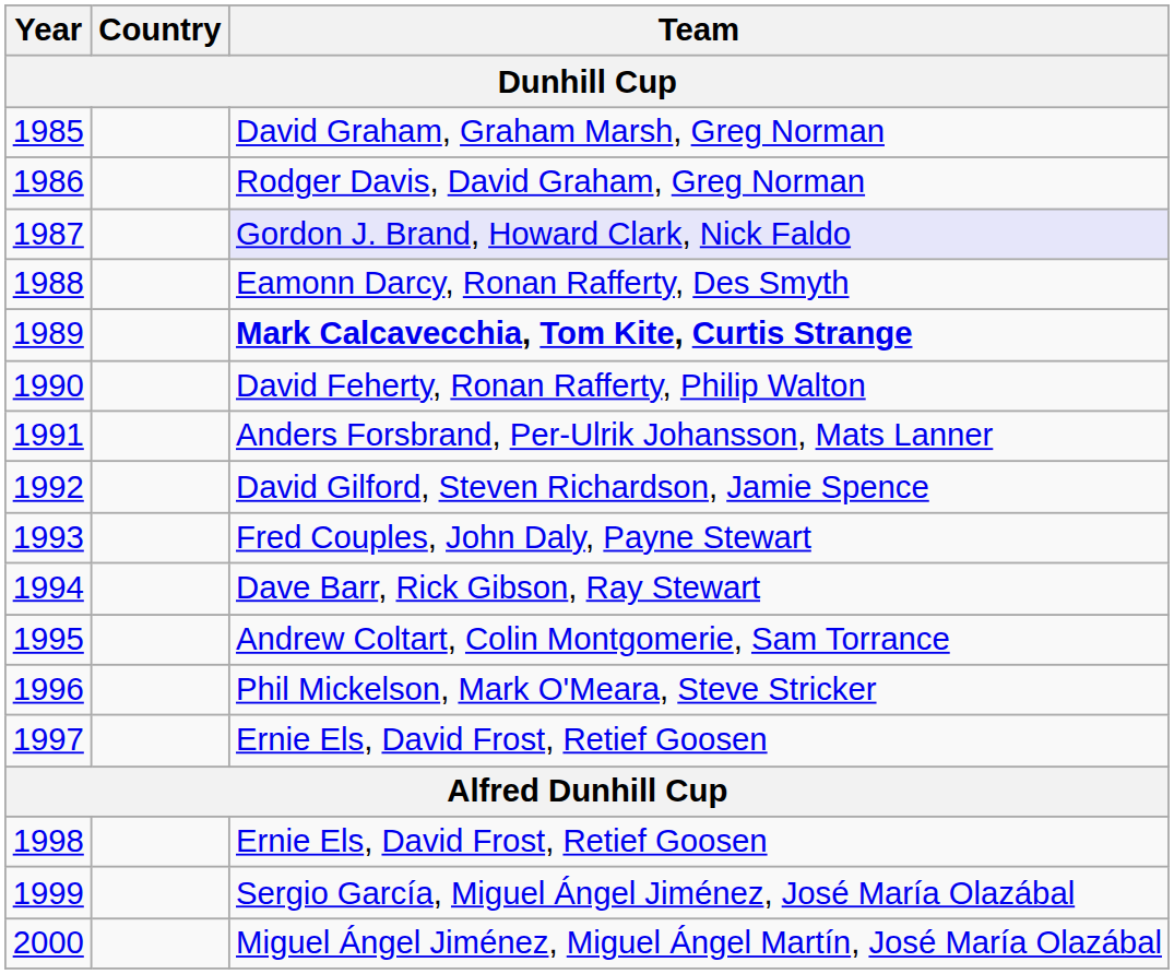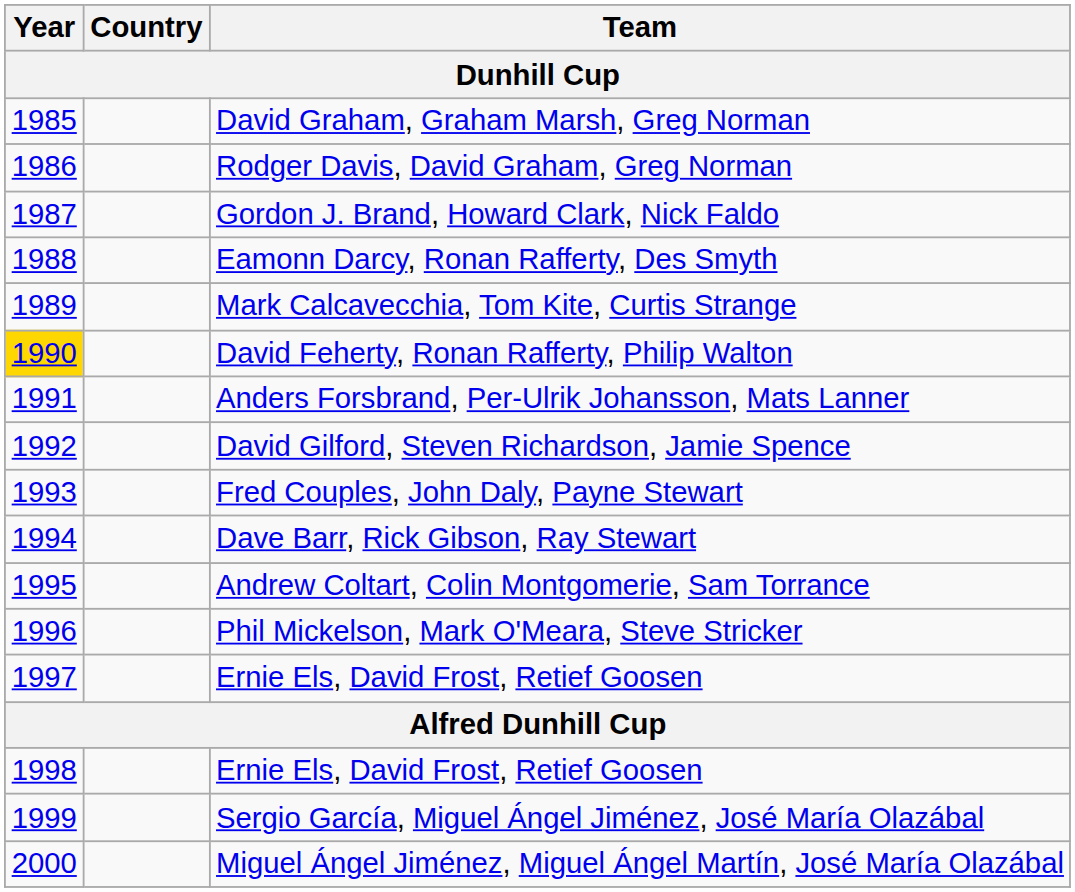 <table class=wikitable>
 <tr>
 <th>Year</th>
 <th>Country</th>
 <th>Team</th>
 </tr>
 <tr>
 <th colspan=3>Dunhill Cup</th>
 </tr>
 <tr>
 <td><a href='#'>1985</a></td>
 <td></td>
 <td><a href='#'>David Graham</a>, <a href='#'>Graham Marsh</a>, <a href='#'>Greg Norman</a></td>
 </tr>
 <tr>
 <td><a href='#'>1986</a></td>
 <td></td>
 <td><a href='#'>Rodger Davis</a>, <a href='#'>David Graham</a>, <a href='#'>Greg Norman</a></td>
 </tr>
 <tr>
 <td><a href='#'>1987</a></td>
 <td></td>
-<td style="background: lavender;"><a href='#'>Gordon J. Brand</a>, <a href='#'>Howard Clark</a>, <a href='#'>Nick Faldo</a></td>
+<td><a href='#'>Gordon J. Brand</a>, <a href='#'>Howard Clark</a>, <a href='#'>Nick Faldo</a></td>
 </tr>
 <tr>
 <td><a href='#'>1988</a></td>
 <td></td>
 <td><a href='#'>Eamonn Darcy</a>, <a href='#'>Ronan Rafferty</a>, <a href='#'>Des Smyth</a></td>
 </tr>
 <tr>
 <td><a href='#'>1989</a></td>
 <td></td>
-<td><strong><a href='#'>Mark Calcavecchia</a>, <a href='#'>Tom Kite</a>, <a href='#'>Curtis Strange</a></strong></td>
+<td><a href='#'>Mark Calcavecchia</a>, <a href='#'>Tom Kite</a>, <a href='#'>Curtis Strange</a></td>
 </tr>
 <tr>
-<td><a href='#'>1990</a></td>
+<td style="background: gold;"><a href='#'>1990</a></td>
 <td></td>
 <td><a href='#'>David Feherty</a>, <a href='#'>Ronan Rafferty</a>, <a href='#'>Philip Walton</a></td>
 </tr>
 <tr>
 <td><a href='#'>1991</a></td>
 <td></td>
 <td><a href='#'>Anders Forsbrand</a>, <a href='#'>Per-Ulrik Johansson</a>, <a href='#'>Mats Lanner</a></td>
 </tr>
 <tr>
 <td><a href='#'>1992</a></td>
 <td></td>
 <td><a href='#'>David Gilford</a>, <a href='#'>Steven Richardson</a>, <a href='#'>Jamie Spence</a></td>
 </tr>
 <tr>
 <td><a href='#'>1993</a></td>
 <td></td>
 <td><a href='#'>Fred Couples</a>, <a href='#'>John Daly</a>, <a href='#'>Payne Stewart</a></td>
 </tr>
 <tr>
 <td><a href='#'>1994</a></td>
 <td></td>
 <td><a href='#'>Dave Barr</a>, <a href='#'>Rick Gibson</a>, <a href='#'>Ray Stewart</a></td>
 </tr>
 <tr>
 <td><a href='#'>1995</a></td>
 <td></td>
 <td><a href='#'>Andrew Coltart</a>, <a href='#'>Colin Montgomerie</a>, <a href='#'>Sam Torrance</a></td>
 </tr>
 <tr>
 <td><a href='#'>1996</a></td>
 <td></td>
 <td><a href='#'>Phil Mickelson</a>, <a href='#'>Mark O'Meara</a>, <a href='#'>Steve Stricker</a></td>
 </tr>
 <tr>
 <td><a href='#'>1997</a></td>
 <td></td>
 <td><a href='#'>Ernie Els</a>, <a href='#'>David Frost</a>, <a href='#'>Retief Goosen</a></td>
 </tr>
 <tr>
 <th colspan=3>Alfred Dunhill Cup</th>
 </tr>
 <tr>
 <td><a href='#'>1998</a></td>
 <td></td>
 <td><a href='#'>Ernie Els</a>, <a href='#'>David Frost</a>, <a href='#'>Retief Goosen</a></td>
 </tr>
 <tr>
 <td><a href='#'>1999</a></td>
 <td></td>
 <td><a href='#'>Sergio García</a>, <a href='#'>Miguel Ángel Jiménez</a>, <a href='#'>José María Olazábal</a></td>
 </tr>
 <tr>
 <td><a href='#'>2000</a></td>
 <td></td>
 <td><a href='#'>Miguel Ángel Jiménez</a>, <a href='#'>Miguel Ángel Martín</a>, <a href='#'>José María Olazábal</a></td>
 </tr>
 </table>
